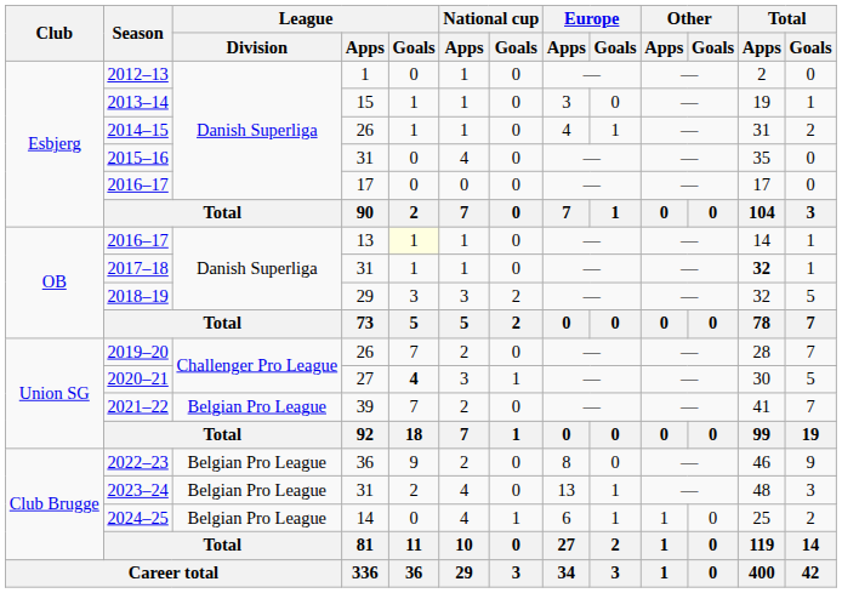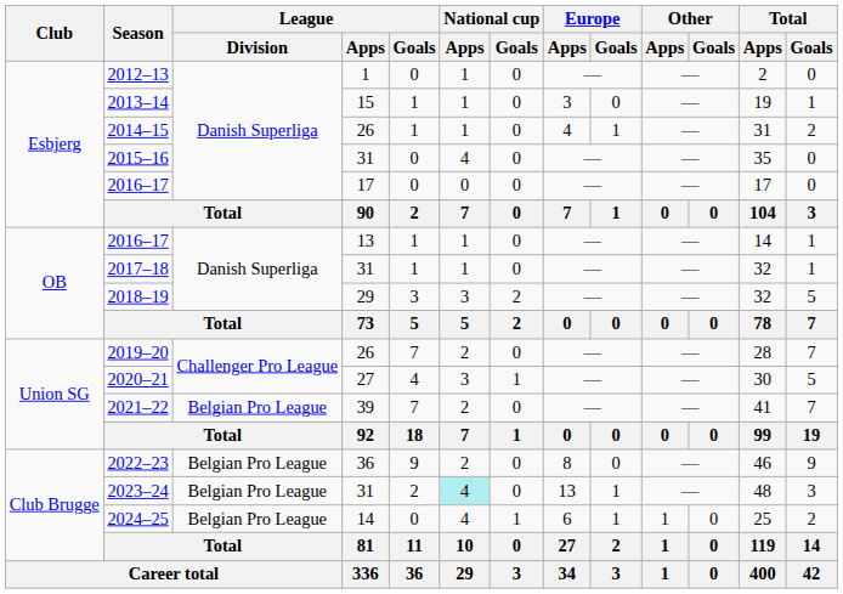 <table class="wikitable" style="text-align:center">
 <tr>
 <th rowspan="2">Club</th>
 <th rowspan="2">Season</th>
 <th colspan="3">League</th>
 <th colspan="2">National cup</th>
 <th colspan="2"><a href='#'>Europe</a></th>
 <th colspan="2">Other</th>
 <th colspan="2">Total</th>
 </tr>
 <tr>
 <th>Division</th>
 <th>Apps</th>
 <th>Goals</th>
 <th>Apps</th>
 <th>Goals</th>
 <th>Apps</th>
 <th>Goals</th>
 <th>Apps</th>
 <th>Goals</th>
 <th>Apps</th>
 <th>Goals</th>
 </tr>
 <tr>
 <td rowspan="6"><a href='#'>Esbjerg</a></td>
 <td><a href='#'>2012–13</a></td>
 <td rowspan="5"><a href='#'>Danish Superliga</a></td>
 <td>1</td>
 <td>0</td>
 <td>1</td>
 <td>0</td>
 <td colspan="2">—</td>
 <td colspan="2">—</td>
 <td>2</td>
 <td>0</td>
 </tr>
 <tr>
 <td><a href='#'>2013–14</a></td>
 <td>15</td>
 <td>1</td>
 <td>1</td>
 <td>0</td>
 <td>3</td>
 <td>0</td>
 <td colspan="2">—</td>
 <td>19</td>
 <td>1</td>
 </tr>
 <tr>
 <td><a href='#'>2014–15</a></td>
 <td>26</td>
 <td>1</td>
 <td>1</td>
 <td>0</td>
 <td>4</td>
 <td>1</td>
 <td colspan="2">—</td>
 <td>31</td>
 <td>2</td>
 </tr>
 <tr>
 <td><a href='#'>2015–16</a></td>
 <td>31</td>
 <td>0</td>
 <td>4</td>
 <td>0</td>
 <td colspan="2">—</td>
 <td colspan="2">—</td>
 <td>35</td>
 <td>0</td>
 </tr>
 <tr>
 <td><a href='#'>2016–17</a></td>
 <td>17</td>
 <td>0</td>
 <td>0</td>
 <td>0</td>
 <td colspan="2">—</td>
 <td colspan="2">—</td>
 <td>17</td>
 <td>0</td>
 </tr>
 <tr>
 <th colspan="2">Total</th>
 <th>90</th>
 <th>2</th>
 <th>7</th>
 <th>0</th>
 <th>7</th>
 <th>1</th>
 <th>0</th>
 <th>0</th>
 <th>104</th>
 <th>3</th>
 </tr>
 <tr>
 <td rowspan="4"><a href='#'>OB</a></td>
 <td><a href='#'>2016–17</a></td>
 <td rowspan="3">Danish Superliga</td>
 <td>13</td>
-<td style="background: lightyellow;">1</td>
+<td>1</td>
 <td>1</td>
 <td>0</td>
 <td colspan="2">—</td>
 <td colspan="2">—</td>
 <td>14</td>
 <td>1</td>
 </tr>
 <tr>
 <td><a href='#'>2017–18</a></td>
 <td>31</td>
 <td>1</td>
 <td>1</td>
 <td>0</td>
 <td colspan="2">—</td>
 <td colspan="2">—</td>
-<td><strong>32</strong></td>
+<td>32</td>
 <td>1</td>
 </tr>
 <tr>
 <td><a href='#'>2018–19</a></td>
 <td>29</td>
 <td>3</td>
 <td>3</td>
 <td>2</td>
 <td colspan="2">—</td>
 <td colspan="2">—</td>
 <td>32</td>
 <td>5</td>
 </tr>
 <tr>
 <th colspan="2">Total</th>
 <th>73</th>
 <th>5</th>
 <th>5</th>
 <th>2</th>
 <th>0</th>
 <th>0</th>
 <th>0</th>
 <th>0</th>
 <th>78</th>
 <th>7</th>
 </tr>
 <tr>
 <td rowspan="4"><a href='#'>Union SG</a></td>
 <td><a href='#'>2019–20</a></td>
 <td rowspan="2"><a href='#'>Challenger Pro League</a></td>
 <td>26</td>
 <td>7</td>
 <td>2</td>
 <td>0</td>
 <td colspan="2">—</td>
 <td colspan="2">—</td>
 <td>28</td>
 <td>7</td>
 </tr>
 <tr>
 <td><a href='#'>2020–21</a></td>
 <td>27</td>
-<td><strong>4</strong></td>
+<td>4</td>
 <td>3</td>
 <td>1</td>
 <td colspan="2">—</td>
 <td colspan="2">—</td>
 <td>30</td>
 <td>5</td>
 </tr>
 <tr>
 <td><a href='#'>2021–22</a></td>
 <td><a href='#'>Belgian Pro League</a></td>
 <td>39</td>
 <td>7</td>
 <td>2</td>
 <td>0</td>
 <td colspan="2">—</td>
 <td colspan="2">—</td>
 <td>41</td>
 <td>7</td>
 </tr>
 <tr>
 <th colspan="2">Total</th>
 <th>92</th>
 <th>18</th>
 <th>7</th>
 <th>1</th>
 <th>0</th>
 <th>0</th>
 <th>0</th>
 <th>0</th>
 <th>99</th>
 <th>19</th>
 </tr>
 <tr>
 <td rowspan="4"><a href='#'>Club Brugge</a></td>
 <td><a href='#'>2022–23</a></td>
 <td>Belgian Pro League</td>
 <td>36</td>
 <td>9</td>
 <td>2</td>
 <td>0</td>
 <td>8</td>
 <td>0</td>
 <td colspan="2">—</td>
 <td>46</td>
 <td>9</td>
 </tr>
 <tr>
 <td><a href='#'>2023–24</a></td>
 <td>Belgian Pro League</td>
 <td>31</td>
 <td>2</td>
-<td>4</td>
+<td style="background: paleturquoise;">4</td>
 <td>0</td>
 <td>13</td>
 <td>1</td>
 <td colspan="2">—</td>
 <td>48</td>
 <td>3</td>
 </tr>
 <tr>
 <td><a href='#'>2024–25</a></td>
 <td>Belgian Pro League</td>
 <td>14</td>
 <td>0</td>
 <td>4</td>
 <td>1</td>
 <td>6</td>
 <td>1</td>
 <td>1</td>
 <td>0</td>
 <td>25</td>
 <td>2</td>
 </tr>
 <tr>
 <th colspan="2">Total</th>
 <th>81</th>
 <th>11</th>
 <th>10</th>
 <th>0</th>
 <th>27</th>
 <th>2</th>
 <th>1</th>
 <th>0</th>
 <th>119</th>
 <th>14</th>
 </tr>
 <tr>
 <th colspan="3">Career total</th>
 <th>336</th>
 <th>36</th>
 <th>29</th>
 <th>3</th>
 <th>34</th>
 <th>3</th>
 <th>1</th>
 <th>0</th>
 <th>400</th>
 <th>42</th>
 </tr>
 </table>
